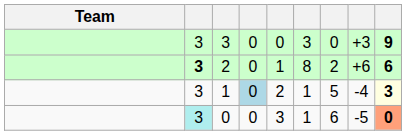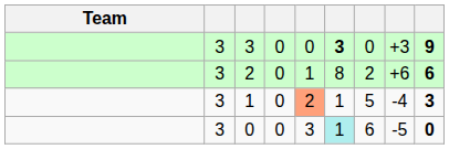 <table class="wikitable" style="text-align: center;">
 <tr>
 <th width="175">Team</th>
 <th width="20"></th>
 <th width="20"></th>
 <th width="20"></th>
 <th width="20"></th>
 <th width="20"></th>
 <th width="20"></th>
 <th width="20"></th>
 <th width="20"></th>
 </tr>
 <tr style="background:#ccffcc;">
 <td align=left></td>
 <td>3</td>
 <td>3</td>
 <td>0</td>
 <td>0</td>
-<td>3</td>
+<td><strong>3</strong></td>
 <td>0</td>
 <td>+3</td>
 <td><strong>9</strong></td>
 </tr>
 <tr style="background:#ccffcc;">
 <td align=left></td>
-<td><strong>3</strong></td>
+<td>3</td>
 <td>2</td>
 <td>0</td>
 <td>1</td>
 <td>8</td>
 <td>2</td>
 <td>+6</td>
 <td><strong>6</strong></td>
 </tr>
 <tr>
 <td align=left></td>
 <td>3</td>
 <td>1</td>
-<td style="background: lightblue;">0</td>
-<td>2</td>
+<td>0</td>
+<td style="background: lightsalmon;">2</td>
 <td>1</td>
 <td>5</td>
 <td>-4</td>
-<td style="background: lightyellow;"><strong>3</strong></td>
+<td><strong>3</strong></td>
 </tr>
 <tr>
 <td align=left></td>
-<td style="background: paleturquoise;">3</td>
+<td>3</td>
 <td>0</td>
 <td>0</td>
 <td>3</td>
-<td>1</td>
+<td style="background: paleturquoise;">1</td>
 <td>6</td>
 <td>-5</td>
-<td style="background: lightsalmon;"><strong>0</strong></td>
+<td><strong>0</strong></td>
 </tr>
 </table>
